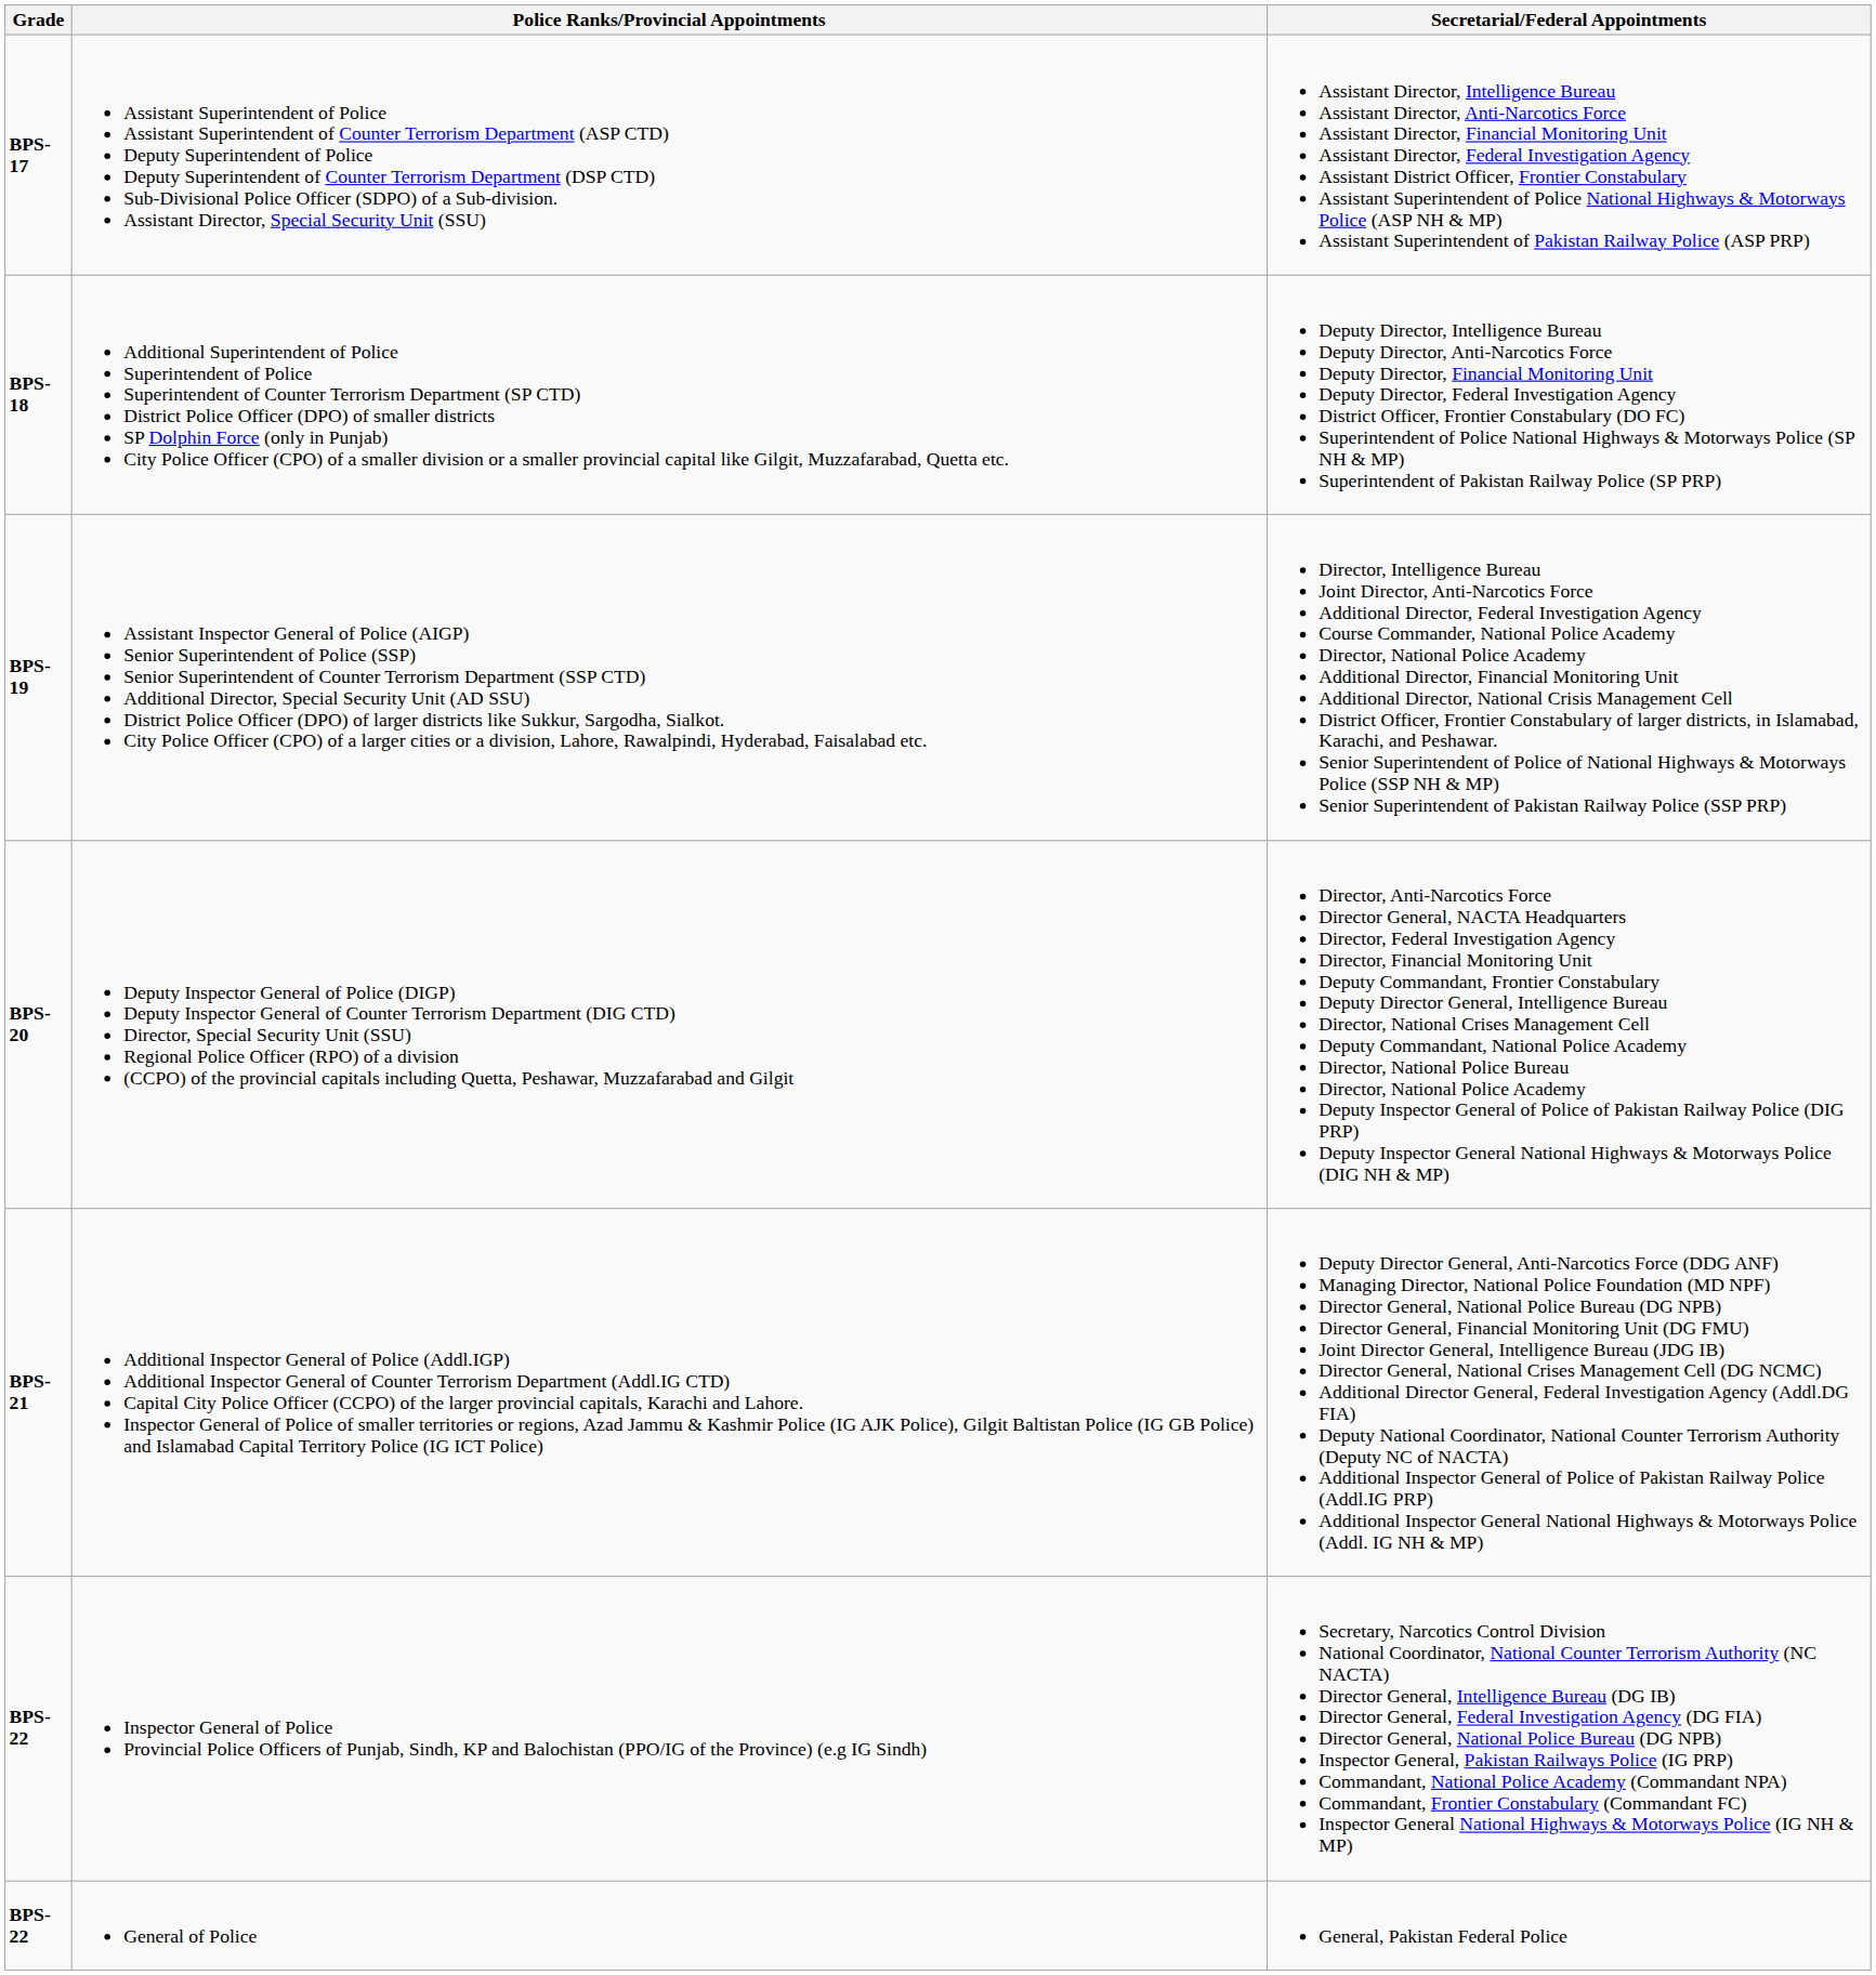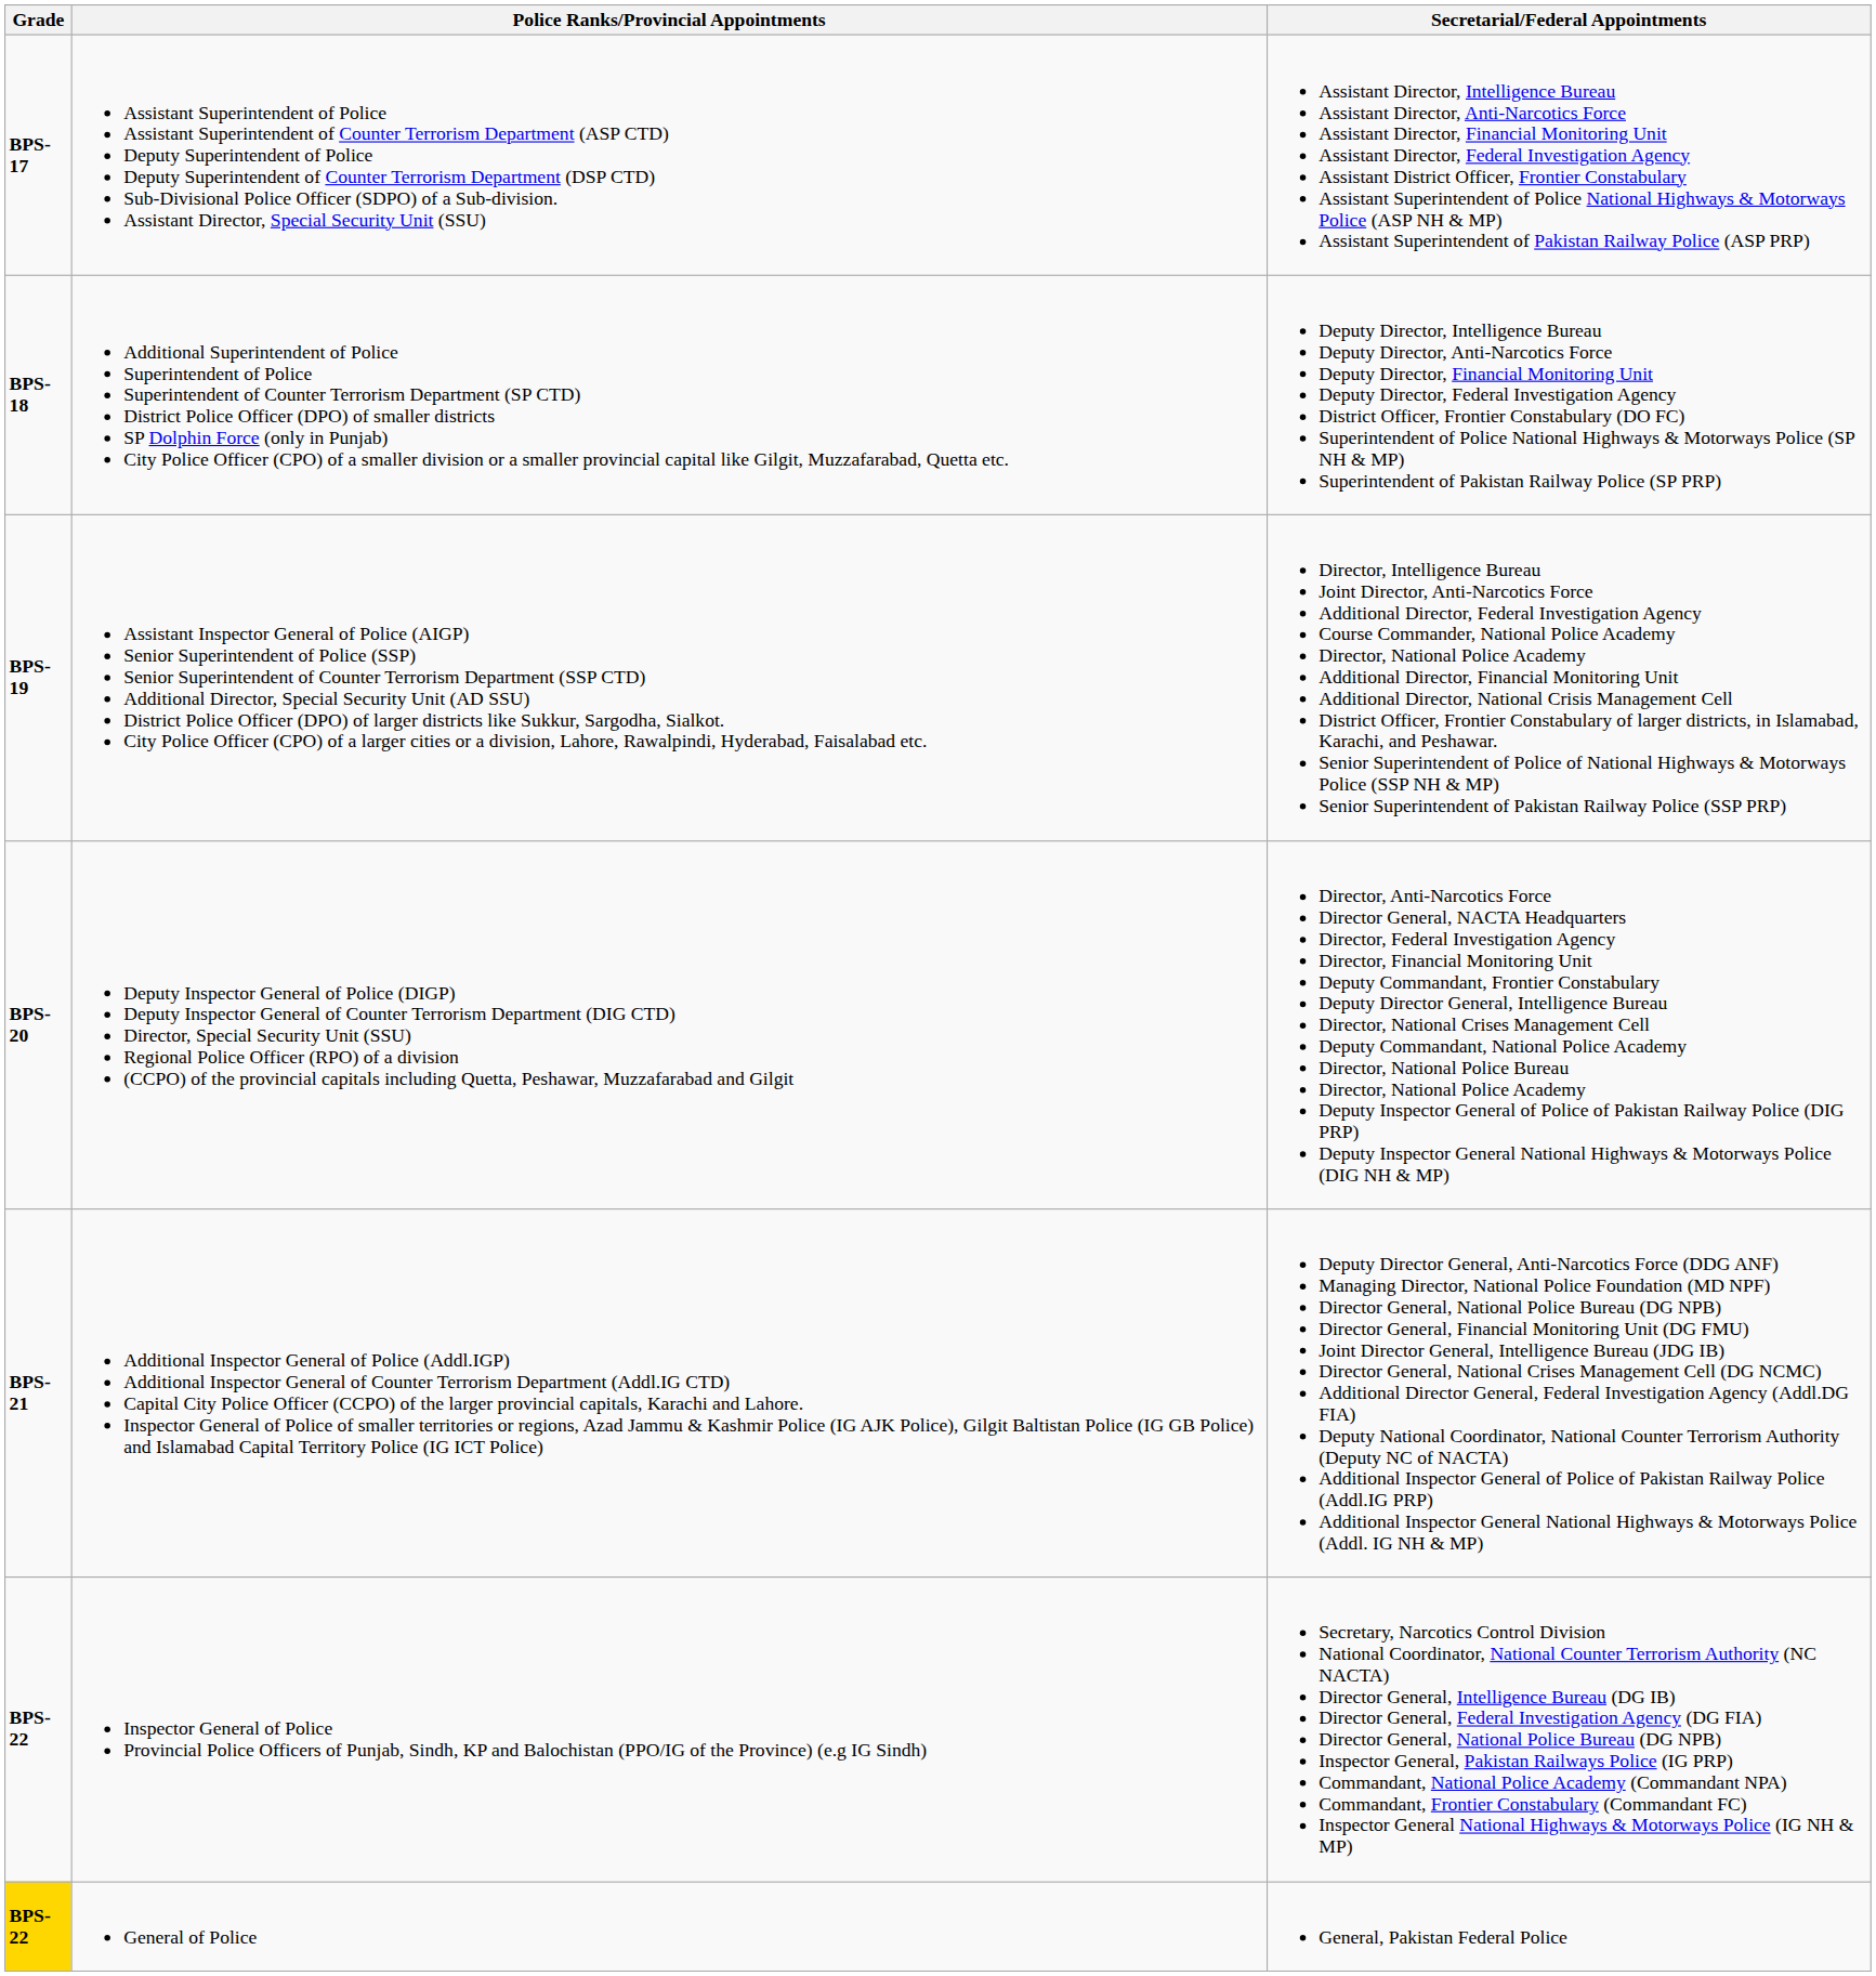 <table class="wikitable">
 <tr>
 <th>Grade</th>
 <th>Police Ranks/Provincial Appointments</th>
 <th>Secretarial/Federal Appointments</th>
 </tr>
 <tr>
 <td><strong>BPS-17</strong></td>
 <td><br><ul><li>Assistant Superintendent of Police</li><li>Assistant Superintendent of <a href='#'>Counter Terrorism Department</a> (ASP CTD)</li><li>Deputy Superintendent of Police</li><li>Deputy Superintendent of <a href='#'>Counter Terrorism Department</a> (DSP CTD)</li><li>Sub-Divisional Police Officer (SDPO) of a Sub-division.</li><li>Assistant Director, <a href='#'>Special Security Unit</a> (SSU)</li></ul></td>
 <td><br><ul><li>Assistant Director, <a href='#'>Intelligence Bureau</a></li><li>Assistant Director, <a href='#'>Anti-Narcotics Force</a></li><li>Assistant Director, <a href='#'>Financial Monitoring Unit</a></li><li>Assistant Director, <a href='#'>Federal Investigation Agency</a></li><li>Assistant District Officer, <a href='#'>Frontier Constabulary</a></li><li>Assistant Superintendent of Police <a href='#'>National Highways & Motorways Police</a> (ASP NH & MP)</li><li>Assistant Superintendent of <a href='#'>Pakistan Railway Police</a> (ASP PRP)</li></ul></td>
 </tr>
 <tr>
 <td><strong>BPS-18</strong></td>
 <td><br><ul><li>Additional Superintendent of Police</li><li>Superintendent of Police</li><li>Superintendent of Counter Terrorism Department (SP CTD)</li><li>District Police Officer (DPO) of smaller districts</li><li>SP <a href='#'>Dolphin Force</a> (only in Punjab)</li><li>City Police Officer (CPO) of a smaller division or a smaller provincial capital like Gilgit, Muzzafarabad, Quetta etc.</li></ul></td>
 <td><br><ul><li>Deputy Director, Intelligence Bureau</li><li>Deputy Director, Anti-Narcotics Force</li><li>Deputy Director, <a href='#'>Financial Monitoring Unit</a></li><li>Deputy Director, Federal Investigation Agency</li><li>District Officer, Frontier Constabulary (DO FC)</li><li>Superintendent of Police National Highways & Motorways Police (SP NH & MP)</li><li>Superintendent of Pakistan Railway Police (SP PRP)</li></ul></td>
 </tr>
 <tr>
 <td><strong>BPS-19</strong></td>
 <td><br><ul><li>Assistant Inspector General of Police (AIGP)</li><li>Senior Superintendent of Police (SSP)</li><li>Senior Superintendent of Counter Terrorism Department (SSP CTD)</li><li>Additional Director, Special Security Unit (AD SSU)</li><li>District Police Officer (DPO) of larger districts like Sukkur, Sargodha, Sialkot.</li><li>City Police Officer (CPO) of a larger cities or a division,  Lahore, Rawalpindi, Hyderabad, Faisalabad etc.</li></ul></td>
 <td><br><ul><li>Director, Intelligence Bureau</li><li>Joint Director, Anti-Narcotics Force</li><li>Additional Director, Federal Investigation Agency</li><li>Course Commander, National Police Academy</li><li>Director, National Police Academy</li><li>Additional Director, Financial Monitoring Unit</li><li>Additional Director, National Crisis Management Cell</li><li>District Officer, Frontier Constabulary of larger districts, in Islamabad, Karachi, and Peshawar.</li><li>Senior Superintendent of  Police of National Highways & Motorways Police (SSP NH & MP)</li><li>Senior Superintendent of Pakistan Railway Police (SSP PRP)</li></ul></td>
 </tr>
 <tr>
 <td><strong>BPS-20</strong></td>
 <td><br><ul><li>Deputy Inspector General of Police (DIGP)</li><li>Deputy Inspector General of Counter Terrorism Department (DIG CTD)</li><li>Director, Special Security Unit (SSU)</li><li>Regional Police Officer (RPO) of a division</li><li>(CCPO) of the provincial capitals including Quetta, Peshawar, Muzzafarabad and Gilgit</li></ul></td>
 <td><br><ul><li>Director, Anti-Narcotics Force</li><li>Director General, NACTA Headquarters</li><li>Director, Federal Investigation Agency</li><li>Director, Financial Monitoring Unit</li><li>Deputy Commandant, Frontier Constabulary</li><li>Deputy Director General, Intelligence Bureau</li><li>Director, National Crises Management Cell</li><li>Deputy Commandant, National Police Academy</li><li>Director, National Police Bureau</li><li>Director, National Police Academy</li><li>Deputy Inspector General of Police of Pakistan Railway Police (DIG PRP)</li><li>Deputy Inspector General National Highways & Motorways Police (DIG NH & MP)</li></ul></td>
 </tr>
 <tr>
 <td><strong>BPS-21</strong></td>
 <td><br><ul><li>Additional Inspector General of Police (Addl.IGP)</li><li>Additional Inspector General of Counter Terrorism Department (Addl.IG CTD)</li><li>Capital City Police Officer (CCPO) of the larger provincial capitals, Karachi and Lahore.</li><li>Inspector General of Police of smaller territories or regions, Azad Jammu & Kashmir Police (IG AJK Police), Gilgit Baltistan Police (IG GB Police) and Islamabad Capital Territory Police (IG ICT Police)</li></ul></td>
 <td><br><ul><li>Deputy Director General, Anti-Narcotics Force (DDG ANF)</li><li>Managing Director, National Police Foundation (MD NPF)</li><li>Director General, National Police Bureau (DG NPB)</li><li>Director General, Financial Monitoring Unit (DG FMU)</li><li>Joint Director General, Intelligence Bureau (JDG IB)</li><li>Director General, National Crises Management Cell (DG NCMC)</li><li>Additional Director General, Federal Investigation Agency (Addl.DG FIA)</li><li>Deputy National Coordinator, National Counter Terrorism Authority (Deputy NC of NACTA)</li><li>Additional Inspector General of Police of Pakistan Railway Police (Addl.IG PRP)</li><li>Additional Inspector General National Highways & Motorways Police (Addl. IG NH & MP)</li></ul></td>
 </tr>
 <tr>
 <td><strong>BPS-22</strong></td>
 <td><br><ul><li>Inspector General of Police</li><li>Provincial Police Officers of Punjab, Sindh, KP and Balochistan  (PPO/IG of the Province) (e.g IG Sindh)</li></ul></td>
 <td><br><ul><li>Secretary, Narcotics Control Division</li><li>National Coordinator, <a href='#'>National Counter Terrorism Authority</a> (NC NACTA)</li><li>Director General, <a href='#'>Intelligence Bureau</a> (DG IB)</li><li>Director General, <a href='#'>Federal Investigation Agency</a> (DG FIA)</li><li>Director General, <a href='#'>National Police Bureau</a> (DG NPB)</li><li>Inspector General, <a href='#'>Pakistan Railways Police</a> (IG PRP)</li><li>Commandant, <a href='#'>National Police Academy</a> (Commandant NPA)</li><li>Commandant, <a href='#'>Frontier Constabulary</a> (Commandant FC)</li><li>Inspector General <a href='#'>National Highways & Motorways Police</a> (IG NH & MP)</li></ul></td>
 </tr>
 <tr>
-<td><strong>BPS-22</strong></td>
+<td style="background: gold;"><strong>BPS-22</strong></td>
 <td><br><ul><li>General of Police</li></ul></td>
 <td><br><ul><li>General, Pakistan Federal Police</li></ul></td>
 </tr>
 <tr class="sortbottom">
 </tr>
 </table>
